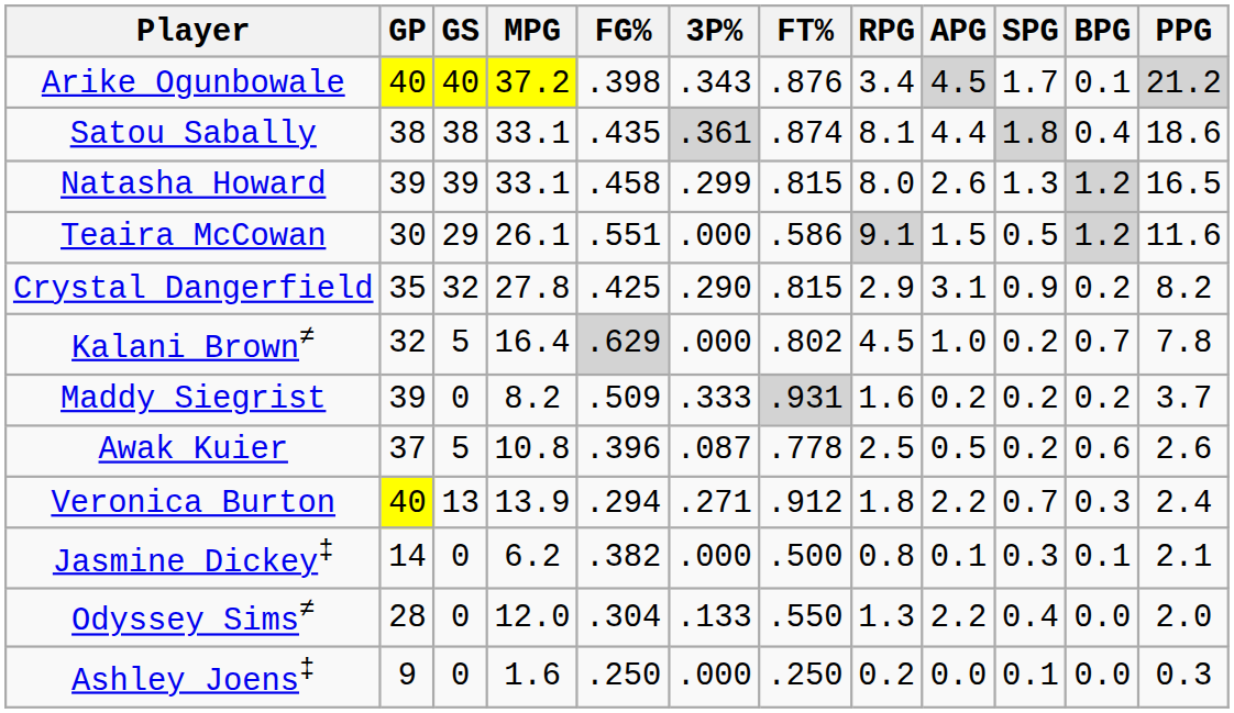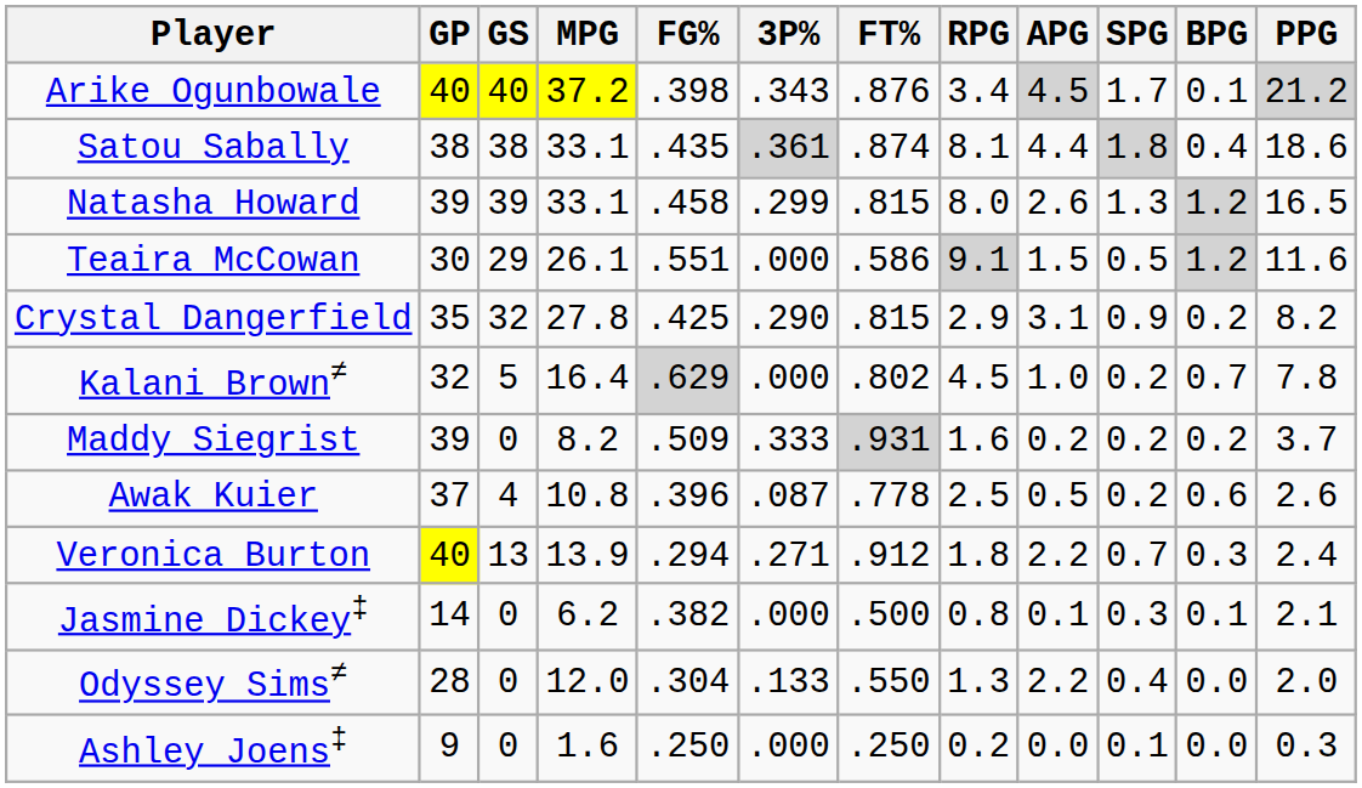 <table class="wikitable sortable" style="text-align:center;">
 <tr>
 <th>Player</th>
 <th>GP</th>
 <th>GS</th>
 <th>MPG</th>
 <th>FG%</th>
 <th>3P%</th>
 <th>FT%</th>
 <th>RPG</th>
 <th>APG</th>
 <th>SPG</th>
 <th>BPG</th>
 <th>PPG</th>
 </tr>
 <tr>
 <td><a href='#'>Arike Ogunbowale</a></td>
 <td style="background:yellow;">40</td>
 <td style="background:yellow;">40</td>
 <td style="background:yellow;">37.2</td>
 <td>.398</td>
 <td>.343</td>
 <td>.876</td>
 <td>3.4</td>
 <td style="background:#D3D3D3;">4.5</td>
 <td>1.7</td>
 <td>0.1</td>
 <td style="background:#D3D3D3;">21.2</td>
 </tr>
 <tr>
 <td><a href='#'>Satou Sabally</a></td>
 <td>38</td>
 <td>38</td>
 <td>33.1</td>
 <td>.435</td>
 <td style="background:#D3D3D3;">.361</td>
 <td>.874</td>
 <td>8.1</td>
 <td>4.4</td>
 <td style="background:#D3D3D3;">1.8</td>
 <td>0.4</td>
 <td>18.6</td>
 </tr>
 <tr>
 <td><a href='#'>Natasha Howard</a></td>
 <td>39</td>
 <td>39</td>
 <td>33.1</td>
 <td>.458</td>
 <td>.299</td>
 <td>.815</td>
 <td>8.0</td>
 <td>2.6</td>
 <td>1.3</td>
 <td style="background:#D3D3D3;">1.2</td>
 <td>16.5</td>
 </tr>
 <tr>
 <td><a href='#'>Teaira McCowan</a></td>
 <td>30</td>
 <td>29</td>
 <td>26.1</td>
 <td>.551</td>
 <td>.000</td>
 <td>.586</td>
 <td style="background:#D3D3D3;">9.1</td>
 <td>1.5</td>
 <td>0.5</td>
 <td style="background:#D3D3D3;">1.2</td>
 <td>11.6</td>
 </tr>
 <tr>
 <td><a href='#'>Crystal Dangerfield</a></td>
 <td>35</td>
 <td>32</td>
 <td>27.8</td>
 <td>.425</td>
 <td>.290</td>
 <td>.815</td>
 <td>2.9</td>
 <td>3.1</td>
 <td>0.9</td>
 <td>0.2</td>
 <td>8.2</td>
 </tr>
 <tr>
 <td><a href='#'>Kalani Brown</a><sup>≠</sup></td>
 <td>32</td>
 <td>5</td>
 <td>16.4</td>
 <td style="background:#D3D3D3;">.629</td>
 <td>.000</td>
 <td>.802</td>
 <td>4.5</td>
 <td>1.0</td>
 <td>0.2</td>
 <td>0.7</td>
 <td>7.8</td>
 </tr>
 <tr>
 <td><a href='#'>Maddy Siegrist</a></td>
 <td>39</td>
 <td>0</td>
 <td>8.2</td>
 <td>.509</td>
 <td>.333</td>
 <td style="background:#D3D3D3;">.931</td>
 <td>1.6</td>
 <td>0.2</td>
 <td>0.2</td>
 <td>0.2</td>
 <td>3.7</td>
 </tr>
 <tr>
 <td><a href='#'>Awak Kuier</a></td>
 <td>37</td>
-<td>5</td>
+<td>4</td>
 <td>10.8</td>
 <td>.396</td>
 <td>.087</td>
 <td>.778</td>
 <td>2.5</td>
 <td>0.5</td>
 <td>0.2</td>
 <td>0.6</td>
 <td>2.6</td>
 </tr>
 <tr>
 <td><a href='#'>Veronica Burton</a></td>
 <td style="background:yellow;">40</td>
 <td>13</td>
 <td>13.9</td>
 <td>.294</td>
 <td>.271</td>
 <td>.912</td>
 <td>1.8</td>
 <td>2.2</td>
 <td>0.7</td>
 <td>0.3</td>
 <td>2.4</td>
 </tr>
 <tr>
 <td><a href='#'>Jasmine Dickey</a><sup>‡</sup></td>
 <td>14</td>
 <td>0</td>
 <td>6.2</td>
 <td>.382</td>
 <td>.000</td>
 <td>.500</td>
 <td>0.8</td>
 <td>0.1</td>
 <td>0.3</td>
 <td>0.1</td>
 <td>2.1</td>
 </tr>
 <tr>
 <td><a href='#'>Odyssey Sims</a><sup>≠</sup></td>
 <td>28</td>
 <td>0</td>
 <td>12.0</td>
 <td>.304</td>
 <td>.133</td>
 <td>.550</td>
 <td>1.3</td>
 <td>2.2</td>
 <td>0.4</td>
 <td>0.0</td>
 <td>2.0</td>
 </tr>
 <tr>
 <td><a href='#'>Ashley Joens</a><sup>‡</sup></td>
 <td>9</td>
 <td>0</td>
 <td>1.6</td>
 <td>.250</td>
 <td>.000</td>
 <td>.250</td>
 <td>0.2</td>
 <td>0.0</td>
 <td>0.1</td>
 <td>0.0</td>
 <td>0.3</td>
 </tr>
 </table>
